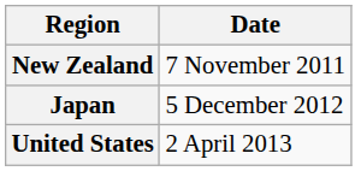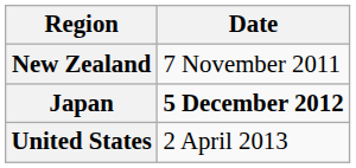 <table class="wikitable plainrowheaders">
 <tr>
 <th>Region</th>
 <th>Date</th>
 </tr>
 <tr>
 <th scope="row">New Zealand</th>
 <td>7 November 2011</td>
 </tr>
 <tr>
 <th scope="row">Japan</th>
-<td>5 December 2012</td>
+<td><strong>5 December 2012</strong></td>
 </tr>
 <tr>
 <th scope="row">United States</th>
 <td>2 April 2013</td>
 </tr>
 </table>
